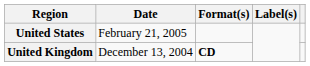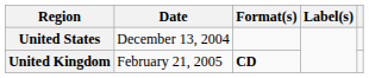 <table class="wikitable plainrowheaders" style="text-align:left">
 <tr>
 <th scope="col">Region</th>
 <th scope="col">Date</th>
 <th scope="col">Format(s)</th>
 <th scope="col">Label(s)</th>
 <th scope="col"></th>
 </tr>
 <tr>
 <th scope="row">United States</th>
-<td>February 21, 2005</td>
+<td>December 13, 2004</td>
 <td></td>
 <td rowspan="2"></td>
 <td></td>
 </tr>
 <tr>
 <th scope="row">United Kingdom</th>
-<td>December 13, 2004</td>
+<td>February 21, 2005</td>
 <td><strong>CD</strong></td>
 <td></td>
 </tr>
 </table>
